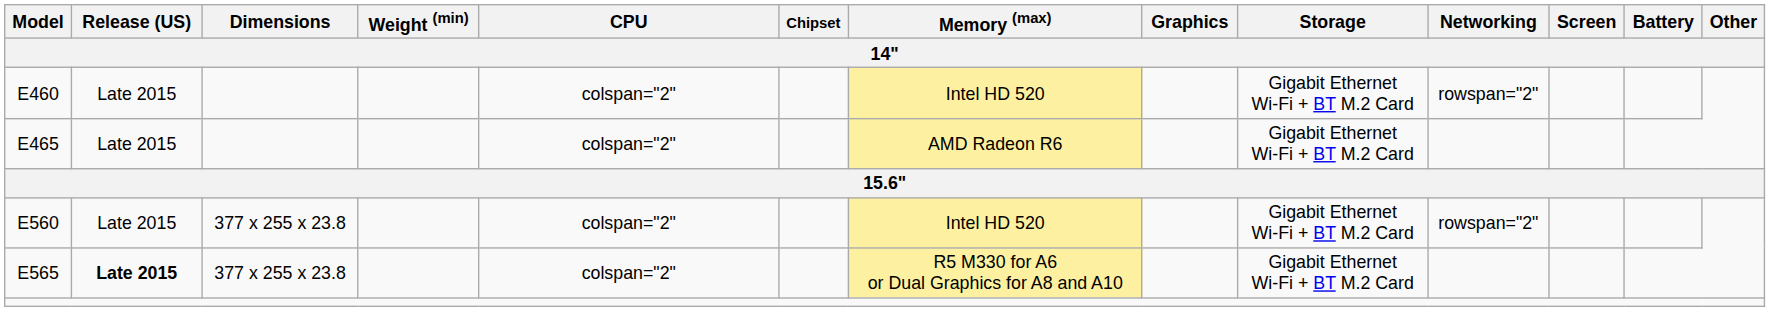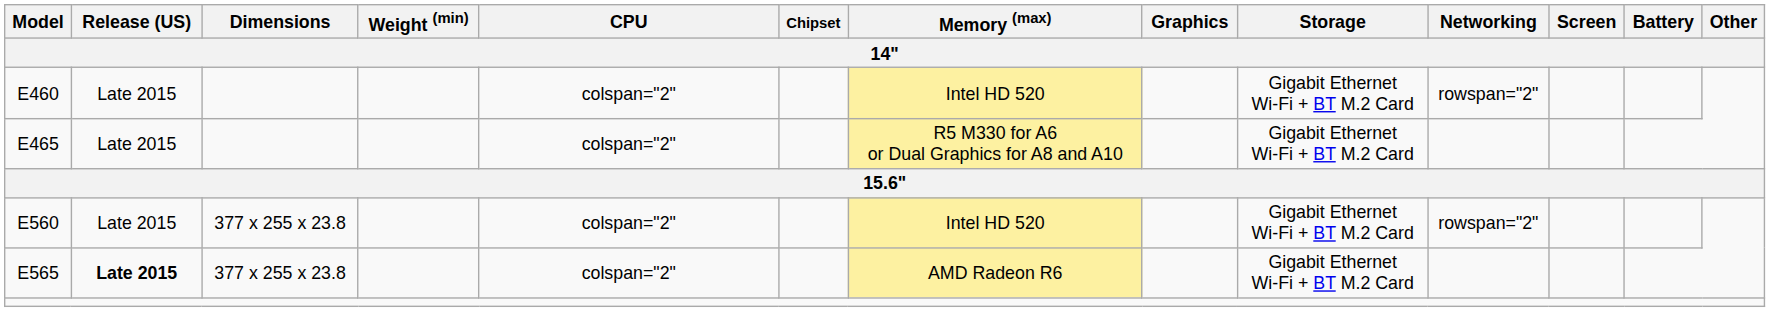 <table class="wikitable" style="font-size: 80%; text-align: center; min-width: 80%;">
 <tr>
 <th>Model</th>
 <th>Release (US)</th>
 <th>Dimensions</th>
 <th>Weight <sup>(min)</sup></th>
 <th style="width:17%">CPU</th>
 <th><small>Chipset</small></th>
 <th>Memory <sup>(max)</sup></th>
 <th>Graphics</th>
 <th>Storage</th>
 <th>Networking</th>
 <th>Screen</th>
 <th>Battery</th>
 <th>Other</th>
 </tr>
 <tr>
 <th colspan="13">14"</th>
 </tr>
 <tr>
 <td>E460</td>
 <td>Late 2015</td>
 <td></td>
 <td></td>
 <td>colspan="2" </td>
 <td></td>
 <td style="background:#fdf1a1;">Intel HD 520 <br></td>
 <td></td>
 <td>Gigabit Ethernet<br>Wi-Fi + <a href='#'>BT</a> M.2 Card</td>
 <td>rowspan="2" </td>
 <td></td>
 <td></td>
 </tr>
 <tr>
 <td>E465</td>
 <td>Late 2015</td>
 <td></td>
 <td></td>
 <td>colspan="2" </td>
 <td></td>
-<td style="background:#fdf1a1;">AMD Radeon R6<br></td>
+<td style="background:#fdf1a1;">R5 M330 for A6<br> or Dual Graphics for A8 and A10</td>
 <td></td>
 <td>Gigabit Ethernet<br>Wi-Fi + <a href='#'>BT</a> M.2 Card</td>
 <td></td>
 <td></td>
 </tr>
 <tr>
 <th colspan="13">15.6"</th>
 </tr>
 <tr>
 <td>E560</td>
 <td>Late 2015</td>
 <td>377 x 255 x 23.8</td>
 <td></td>
 <td>colspan="2" </td>
 <td></td>
 <td style="background:#fdf1a1;">Intel HD 520<br></td>
 <td></td>
 <td>Gigabit Ethernet<br>Wi-Fi + <a href='#'>BT</a> M.2 Card</td>
 <td>rowspan="2" </td>
 <td></td>
 <td></td>
 </tr>
 <tr>
 <td>E565</td>
 <td><strong>Late 2015</strong></td>
 <td>377 x 255 x 23.8</td>
 <td></td>
 <td>colspan="2" </td>
 <td></td>
-<td style="background:#fdf1a1;">R5 M330 for A6<br> or Dual Graphics for A8 and A10</td>
+<td style="background:#fdf1a1;">AMD Radeon R6<br></td>
 <td></td>
 <td>Gigabit Ethernet<br>Wi-Fi + <a href='#'>BT</a> M.2 Card</td>
 <td></td>
 <td></td>
 </tr>
 <tr>
 <td colspan="13"></td>
 </tr>
 </table>
